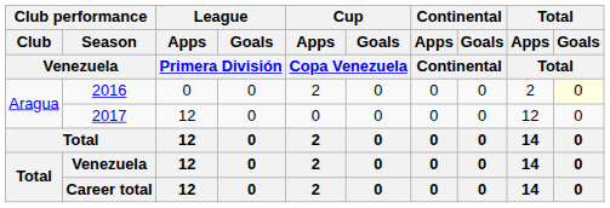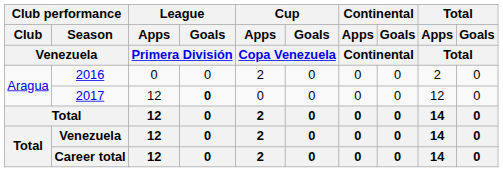 <table class="wikitable" style="text-align:center">
 <tr>
 <th colspan=3>Club performance</th>
 <th colspan=2>League</th>
 <th colspan=2>Cup</th>
 <th colspan=2>Continental</th>
 <th colspan=2>Total</th>
 </tr>
 <tr>
 <th>Club</th>
 <th colspan="2">Season</th>
 <th>Apps</th>
 <th>Goals</th>
 <th>Apps</th>
 <th>Goals</th>
 <th>Apps</th>
 <th>Goals</th>
 <th>Apps</th>
 <th>Goals</th>
 </tr>
 <tr>
 <th colspan=3>Venezuela</th>
 <th colspan=2><a href='#'>Primera División</a></th>
 <th colspan=2><a href='#'>Copa Venezuela</a></th>
 <th colspan=2>Continental</th>
 <th colspan=2>Total</th>
 </tr>
 <tr>
 <td rowspan="2"><a href='#'>Aragua</a></td>
 <td colspan="2"><a href='#'>2016</a></td>
 <td>0</td>
 <td>0</td>
 <td>2</td>
 <td>0</td>
 <td>0</td>
 <td>0</td>
 <td>2</td>
-<td style="background: lightyellow;">0</td>
+<td>0</td>
 </tr>
 <tr>
 <td colspan="2"><a href='#'>2017</a></td>
 <td>12</td>
-<td>0</td>
+<td><strong>0</strong></td>
 <td>0</td>
 <td>0</td>
 <td>0</td>
 <td>0</td>
 <td>12</td>
 <td>0</td>
 </tr>
 <tr>
 <th colspan="3">Total</th>
 <th>12</th>
 <th>0</th>
 <th>2</th>
 <th>0</th>
 <th>0</th>
 <th>0</th>
 <th>14</th>
 <th>0</th>
 </tr>
 <tr>
 <th rowspan=2>Total</th>
 <th colspan=2>Venezuela</th>
 <th>12</th>
 <th>0</th>
 <th>2</th>
 <th>0</th>
 <th>0</th>
 <th>0</th>
 <th>14</th>
 <th>0</th>
 </tr>
 <tr>
 <th colspan=2>Career total</th>
 <th>12</th>
 <th>0</th>
 <th>2</th>
 <th>0</th>
 <th>0</th>
 <th>0</th>
 <th>14</th>
 <th>0</th>
 </tr>
 </table>
